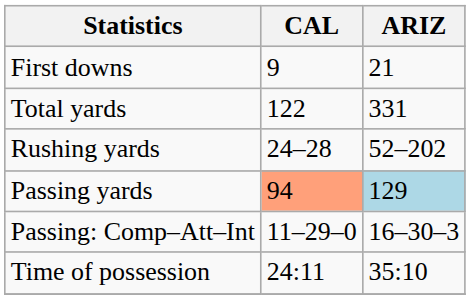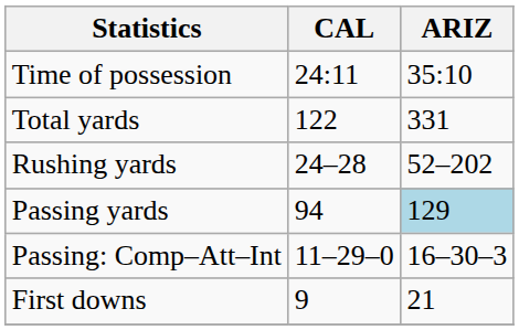 <table class="wikitable" style="float: left;">
 <tr>
 <th>Statistics</th>
 <th>CAL</th>
 <th>ARIZ</th>
 </tr>
 <tr>
-<td>First downs</td>
-<td>9</td>
-<td>21</td>
+<td>Time of possession</td>
+<td>24:11</td>
+<td>35:10</td>
 </tr>
 <tr>
 <td>Total yards</td>
 <td>122</td>
 <td>331</td>
 </tr>
 <tr>
 <td>Rushing yards</td>
 <td>24–28</td>
 <td>52–202</td>
 </tr>
 <tr>
 <td>Passing yards</td>
-<td style="background: lightsalmon;">94</td>
+<td>94</td>
 <td style="background: lightblue;">129</td>
 </tr>
 <tr>
 <td>Passing: Comp–Att–Int</td>
 <td>11–29–0</td>
 <td>16–30–3</td>
 </tr>
 <tr>
-<td>Time of possession</td>
-<td>24:11</td>
-<td>35:10</td>
+<td>First downs</td>
+<td>9</td>
+<td>21</td>
 </tr>
 <tr>
 </tr>
 </table>
